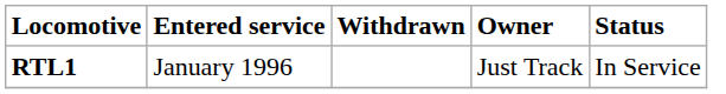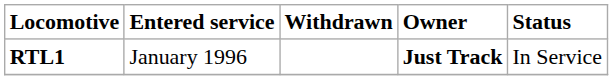 <table class="wikitable">
 <tr bgcolor="#FFFFFF">
 <td><strong>Locomotive</strong></td>
 <td><strong>Entered service</strong></td>
 <td><strong>Withdrawn</strong></td>
 <td><strong>Owner</strong></td>
 <td><strong>Status</strong></td>
 </tr>
 <tr bgcolor="#FFFFFF">
 <td><strong>RTL1</strong></td>
 <td>January 1996</td>
 <td></td>
-<td>Just Track</td>
+<td><strong>Just Track</strong></td>
 <td>In Service</td>
 </tr>
 <tr bgcolor="#FFFFFF">
 </tr>
 </table>
